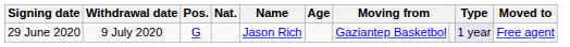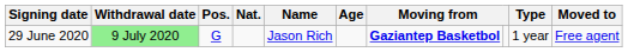 <table class="wikitable sortable">
 <tr>
 <th>Signing date</th>
 <th>Withdrawal date</th>
 <th>Pos.</th>
 <th>Nat.</th>
 <th>Name</th>
 <th>Age</th>
 <th colspan=2>Moving from</th>
 <th>Type</th>
 <th colspan=2>Moved to</th>
 </tr>
 <tr>
 <td style="text-align:center">29 June 2020</td>
-<td style="text-align:center">9 July 2020</td>
+<td style="background: lightgreen; text-align:center">9 July 2020</td>
 <td style="text-align:center"><a href='#'>G</a></td>
 <td style="text-align:center"></td>
 <td><a href='#'>Jason Rich</a></td>
 <td style="text-align:center"></td>
-<td><a href='#'>Gaziantep Basketbol</a></td>
+<td><strong><a href='#'>Gaziantep Basketbol</a></strong></td>
 <td></td>
-<td style="background: lavender; text-align:center">1 year</td>
+<td style="text-align:center">1 year</td>
 <td colspan=2><a href='#'>Free agent</a></td>
 </tr>
 </table>
